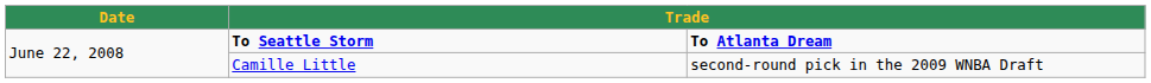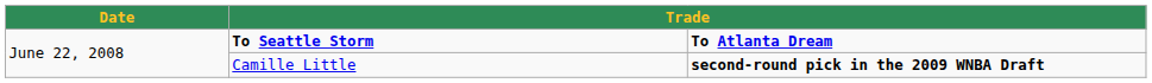 <table class="wikitable" style="width:80%">
 <tr>
 <th style="background:#2E8B57;color:#FFC322; width=200">Date</th>
 <th style="background:#2E8B57;color:#FFC322;" colspan=2>Trade</th>
 </tr>
 <tr>
 <td rowspan=2>June 22, 2008</td>
 <td width=400><strong>To <a href='#'>Seattle Storm</a></strong></td>
 <td width=400><strong>To <a href='#'>Atlanta Dream</a></strong></td>
 </tr>
 <tr>
 <td><a href='#'>Camille Little</a></td>
-<td>second-round pick in the 2009 WNBA Draft</td>
+<td><strong>second-round pick in the 2009 WNBA Draft</strong></td>
 </tr>
 </table>
